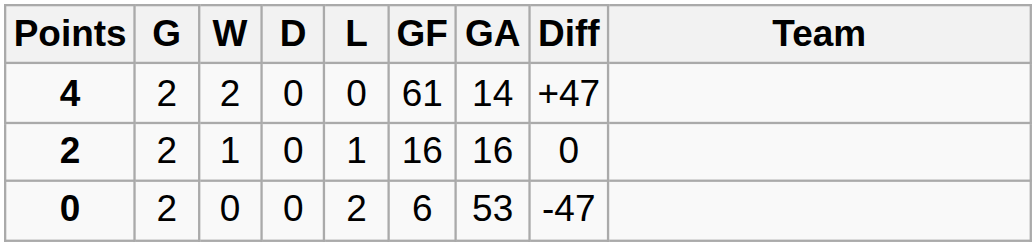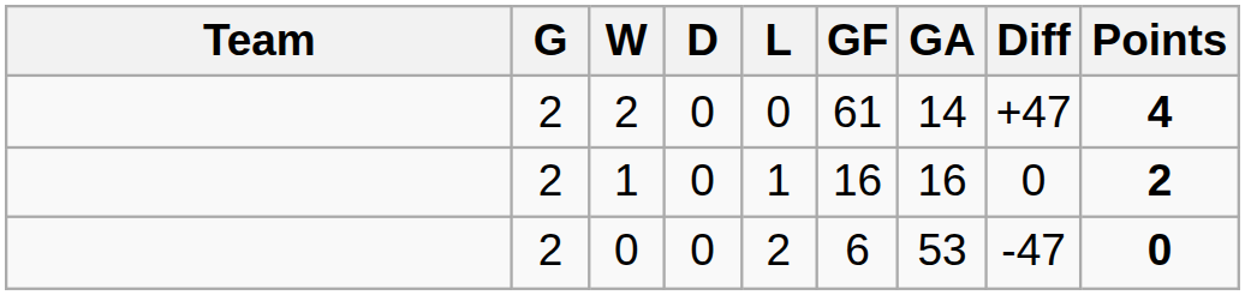 <table class="wikitable" style="text-align: center;">
 <tr>
-<th width="20">Points</th>
+<th width="175">Team</th>
 <th width="20">G</th>
 <th width="20">W</th>
 <th width="20">D</th>
 <th width="20">L</th>
 <th width="20">GF</th>
 <th width="20">GA</th>
 <th width="20">Diff</th>
-<th width="175">Team</th>
+<th width="20">Points</th>
 </tr>
 <tr>
-<td><strong>4</strong></td>
+<td align=left></td>
 <td>2</td>
 <td>2</td>
 <td>0</td>
 <td>0</td>
 <td>61</td>
 <td>14</td>
 <td>+47</td>
-<td align=left></td>
+<td><strong>4</strong></td>
 </tr>
 <tr>
-<td><strong>2</strong></td>
+<td align=left></td>
 <td>2</td>
 <td>1</td>
 <td>0</td>
 <td>1</td>
 <td>16</td>
 <td>16</td>
 <td>0</td>
-<td align=left></td>
+<td><strong>2</strong></td>
 </tr>
 <tr>
-<td><strong>0</strong></td>
+<td align=left></td>
 <td>2</td>
 <td>0</td>
 <td>0</td>
 <td>2</td>
 <td>6</td>
 <td>53</td>
 <td>-47</td>
-<td align=left></td>
+<td><strong>0</strong></td>
 </tr>
 </table>
